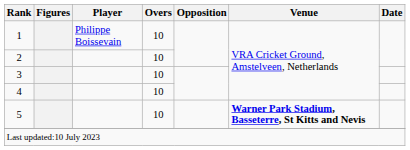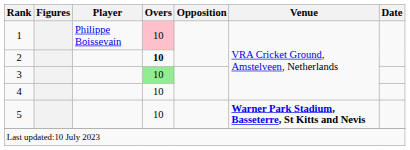 <table class="wikitable plainrowheaders sortable">
 <tr>
 <th scope=col>Rank</th>
 <th scope=col>Figures</th>
 <th scope=col>Player</th>
 <th scope=col>Overs</th>
 <th scope=col>Opposition</th>
 <th scope=col>Venue</th>
 <th scope=col>Date</th>
 </tr>
 <tr>
 <td align="center">1</td>
 <th scope="row" style="text-align:center;"></th>
 <td><a href='#'>Philippe Boissevain</a></td>
-<td align="center">10</td>
+<td align="center" style="background: pink;">10</td>
 <td rowspan="2"></td>
 <td rowspan="4"><a href='#'>VRA Cricket Ground</a>, <a href='#'>Amstelveen</a>, Netherlands</td>
 <td rowspan="2"></td>
 </tr>
 <tr>
 <td align="center">2</td>
 <th scope="row" style="text-align:center;"></th>
 <td></td>
-<td align="center">10</td>
+<td align="center"><strong>10</strong></td>
 </tr>
 <tr>
 <td scope="row" style="text-align:center;">3</td>
 <th scope="row" style="text-align:center;"></th>
 <td></td>
-<td align="center">10</td>
+<td align="center" style="background: lightgreen;">10</td>
 <td rowspan="2"></td>
 <td></td>
 </tr>
 <tr>
 <td align="center">4</td>
 <th scope="row" style="text-align:center;"></th>
 <td></td>
 <td align="center">10</td>
 <td></td>
 </tr>
 <tr>
 <td align="center">5</td>
 <th scope="row" style="text-align:center;"></th>
 <td></td>
 <td align="center">10</td>
 <td></td>
 <td><strong><a href='#'>Warner Park Stadium</a>, <a href='#'>Basseterre</a>, St Kitts and Nevis</strong></td>
 <td> </td>
 </tr>
 <tr>
 </tr>
 <tr class=sortbottom>
 <td colspan=7><small>Last updated:10 July 2023</small></td>
 </tr>
 </table>
